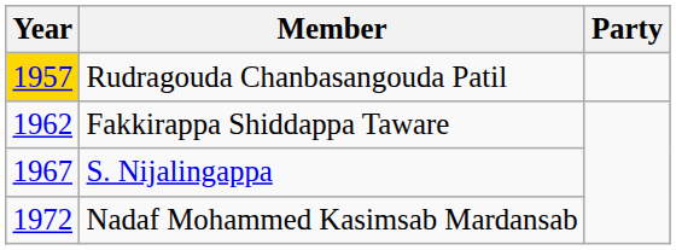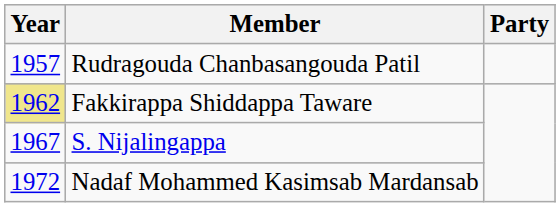 <table class="wikitable sortable">
 <tr>
 <th>Year</th>
 <th>Member</th>
 <th colspan="2">Party</th>
 </tr>
 <tr>
-<td style="background: gold;"><a href='#'>1957</a></td>
+<td><a href='#'>1957</a></td>
 <td>Rudragouda Chanbasangouda Patil</td>
 <td></td>
 </tr>
 <tr>
-<td><a href='#'>1962</a></td>
+<td style="background: khaki;"><a href='#'>1962</a></td>
 <td>Fakkirappa Shiddappa Taware</td>
 </tr>
 <tr>
 <td><a href='#'>1967</a></td>
 <td><a href='#'>S. Nijalingappa</a></td>
 </tr>
 <tr>
 <td><a href='#'>1972</a></td>
 <td>Nadaf Mohammed Kasimsab Mardansab</td>
 </tr>
 </table>
